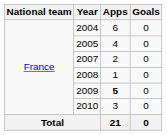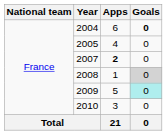 <table class="wikitable" style="text-align: center;">
 <tr>
 <th>National team</th>
 <th>Year</th>
 <th>Apps</th>
 <th>Goals</th>
 </tr>
 <tr>
 <td rowspan="6"><a href='#'>France</a></td>
 <td>2004</td>
 <td>6</td>
-<td>0</td>
+<td><strong>0</strong></td>
 </tr>
 <tr>
 <td>2005</td>
 <td>4</td>
 <td>0</td>
 </tr>
 <tr>
 <td>2007</td>
-<td>2</td>
+<td><strong>2</strong></td>
 <td>0</td>
 </tr>
 <tr>
 <td>2008</td>
 <td>1</td>
-<td>0</td>
+<td style="background: lightgrey;">0</td>
 </tr>
 <tr>
 <td>2009</td>
-<td><strong>5</strong></td>
-<td>0</td>
+<td>5</td>
+<td style="background: paleturquoise;">0</td>
 </tr>
 <tr>
 <td>2010</td>
 <td>3</td>
 <td>0</td>
 </tr>
 <tr>
 <th colspan="2">Total</th>
 <th>21</th>
 <th>0</th>
 </tr>
 </table>
